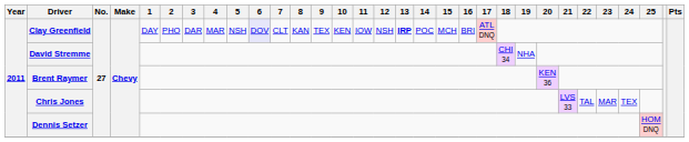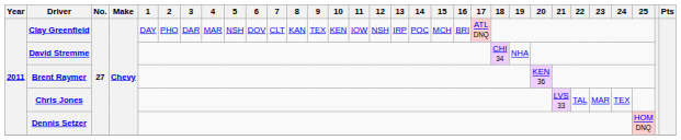 <table class="wikitable" style="text-align:center; font-size:75%">
 <tr>
 <th>Year</th>
 <th>Driver</th>
 <th>No.</th>
 <th>Make</th>
 <th>1</th>
 <th>2</th>
 <th>3</th>
 <th>4</th>
 <th>5</th>
 <th>6</th>
 <th>7</th>
 <th>8</th>
 <th>9</th>
 <th>10</th>
 <th>11</th>
 <th>12</th>
 <th>13</th>
 <th>14</th>
 <th>15</th>
 <th>16</th>
 <th>17</th>
 <th>18</th>
 <th>19</th>
 <th>20</th>
 <th>21</th>
 <th>22</th>
 <th>23</th>
 <th>24</th>
 <th>25</th>
 <th></th>
 <th>Pts</th>
 </tr>
 <tr>
 <th rowspan=5><a href='#'>2011</a></th>
 <th><a href='#'>Clay Greenfield</a></th>
 <th rowspan=5>27</th>
 <th rowspan=5><a href='#'>Chevy</a></th>
 <td><a href='#'>DAY</a></td>
 <td><a href='#'>PHO</a></td>
 <td><a href='#'>DAR</a></td>
 <td><a href='#'>MAR</a></td>
 <td><a href='#'>NSH</a></td>
-<td style="background: lavender;"><a href='#'>DOV</a></td>
+<td><a href='#'>DOV</a></td>
 <td><a href='#'>CLT</a></td>
 <td><a href='#'>KAN</a></td>
 <td><a href='#'>TEX</a></td>
 <td><a href='#'>KEN</a></td>
 <td><a href='#'>IOW</a></td>
 <td><a href='#'>NSH</a></td>
-<td><strong><a href='#'>IRP</a></strong></td>
+<td><a href='#'>IRP</a></td>
 <td><a href='#'>POC</a></td>
 <td><a href='#'>MCH</a></td>
 <td><a href='#'>BRI</a></td>
 <td style="background:#FFCFCF;"><a href='#'>ATL</a><br><small>DNQ</small></td>
 <td colspan=8></td>
 <th rowspan=5></th>
 <th rowspan=5></th>
 </tr>
 <tr>
 <th><a href='#'>David Stremme</a></th>
 <td colspan=17></td>
 <td style="background:#EFCFFF;"><a href='#'>CHI</a><br><small>34</small></td>
 <td><a href='#'>NHA</a></td>
 <td colspan=6></td>
 </tr>
 <tr>
 <th><a href='#'>Brent Raymer</a></th>
 <td colspan=19></td>
 <td style="background:#EFCFFF;"><a href='#'>KEN</a><br><small>36</small></td>
 <td colspan=5></td>
 </tr>
 <tr>
 <th><a href='#'>Chris Jones</a></th>
 <td colspan=20></td>
 <td style="background:#EFCFFF;"><a href='#'>LVS</a><br><small>33</small></td>
 <td><a href='#'>TAL</a></td>
 <td><a href='#'>MAR</a></td>
 <td><a href='#'>TEX</a></td>
 <td></td>
 </tr>
 <tr>
 <th><a href='#'>Dennis Setzer</a></th>
 <td colspan=24></td>
 <td style="background:#FFCFCF;"><a href='#'>HOM</a><br><small>DNQ</small></td>
 </tr>
 <tr>
 </tr>
 </table>
